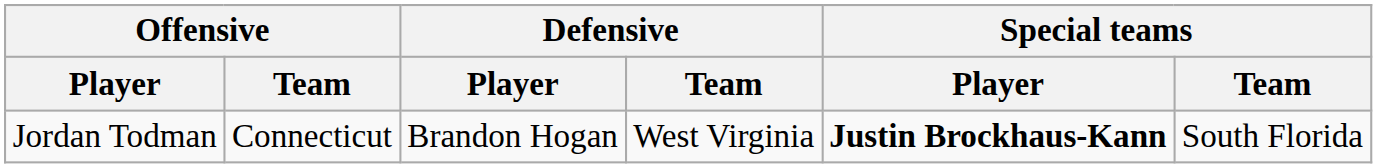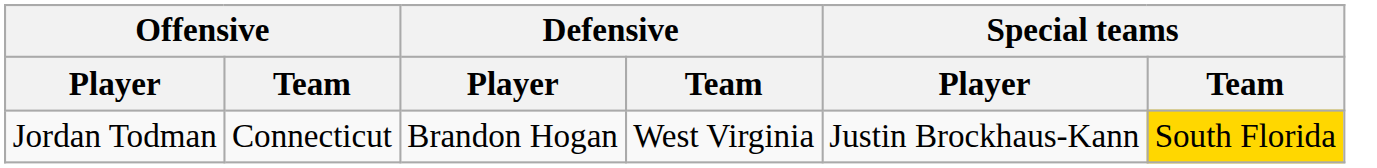 <table class="wikitable" border="1">
 <tr>
 <th colspan="2">Offensive</th>
 <th colspan="2">Defensive</th>
 <th colspan="2">Special teams</th>
 </tr>
 <tr>
 <th>Player</th>
 <th>Team</th>
 <th>Player</th>
 <th>Team</th>
 <th>Player</th>
 <th>Team</th>
 </tr>
 <tr>
 <td>Jordan Todman</td>
 <td>Connecticut</td>
 <td>Brandon Hogan</td>
 <td>West Virginia</td>
-<td><strong>Justin Brockhaus-Kann</strong></td>
-<td>South Florida</td>
+<td>Justin Brockhaus-Kann</td>
+<td style="background: gold;">South Florida</td>
 </tr>
 </table>
